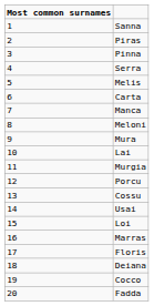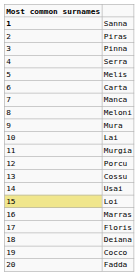 <table role="presentation" class="wikitable mw-collapsible">
 <tr>
 <td><strong>Most common surnames</strong></td>
 </tr>
 <tr>
-<td>1</td>
+<td><strong>1</strong></td>
 <td>Sanna</td>
 </tr>
 <tr>
 <td>2</td>
 <td>Piras</td>
 </tr>
 <tr>
 <td>3</td>
 <td>Pinna</td>
 </tr>
 <tr>
 <td>4</td>
 <td>Serra</td>
 </tr>
 <tr>
 <td>5</td>
 <td>Melis</td>
 </tr>
 <tr>
 <td>6</td>
 <td>Carta</td>
 </tr>
 <tr>
 <td>7</td>
 <td>Manca</td>
 </tr>
 <tr>
 <td>8</td>
 <td>Meloni</td>
 </tr>
 <tr>
 <td>9</td>
 <td>Mura</td>
 </tr>
 <tr>
 <td>10</td>
 <td>Lai</td>
 </tr>
 <tr>
 <td>11</td>
 <td>Murgia</td>
 </tr>
 <tr>
 <td>12</td>
 <td>Porcu</td>
 </tr>
 <tr>
 <td>13</td>
 <td>Cossu</td>
 </tr>
 <tr>
 <td>14</td>
 <td>Usai</td>
 </tr>
 <tr>
-<td>15</td>
+<td style="background: khaki;">15</td>
 <td>Loi</td>
 </tr>
 <tr>
 <td>16</td>
 <td>Marras</td>
 </tr>
 <tr>
 <td>17</td>
 <td>Floris</td>
 </tr>
 <tr>
 <td>18</td>
 <td>Deiana</td>
 </tr>
 <tr>
 <td>19</td>
 <td>Cocco</td>
 </tr>
 <tr>
 <td>20</td>
 <td>Fadda</td>
 </tr>
 </table>
